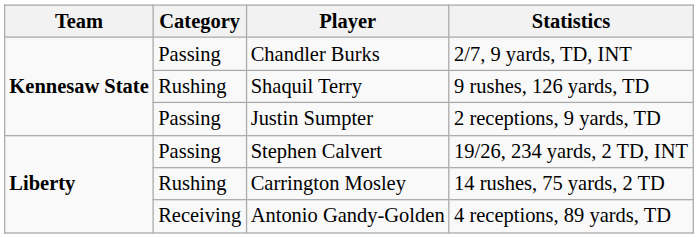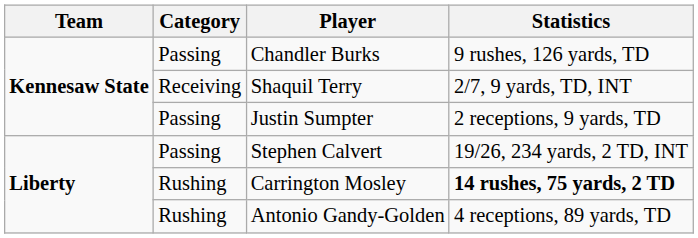 <table class="wikitable" style="float: left;">
 <tr>
 <th>Team</th>
 <th>Category</th>
 <th>Player</th>
 <th>Statistics</th>
 </tr>
 <tr>
 <td rowspan=3><strong>Kennesaw State</strong></td>
 <td>Passing</td>
 <td>Chandler Burks</td>
-<td>2/7, 9 yards, TD, INT</td>
+<td>9 rushes, 126 yards, TD</td>
 </tr>
 <tr>
-<td>Rushing</td>
+<td>Receiving</td>
 <td>Shaquil Terry</td>
-<td>9 rushes, 126 yards, TD</td>
+<td>2/7, 9 yards, TD, INT</td>
 </tr>
 <tr>
 <td>Passing</td>
 <td>Justin Sumpter</td>
 <td>2 receptions, 9 yards, TD</td>
 </tr>
 <tr>
 <td rowspan=3><strong>Liberty</strong></td>
 <td>Passing</td>
 <td>Stephen Calvert</td>
 <td>19/26, 234 yards, 2 TD, INT</td>
 </tr>
 <tr>
 <td>Rushing</td>
 <td>Carrington Mosley</td>
-<td>14 rushes, 75 yards, 2 TD</td>
+<td><strong>14 rushes, 75 yards, 2 TD</strong></td>
 </tr>
 <tr>
-<td>Receiving</td>
+<td>Rushing</td>
 <td>Antonio Gandy-Golden</td>
 <td>4 receptions, 89 yards, TD</td>
 </tr>
 </table>
